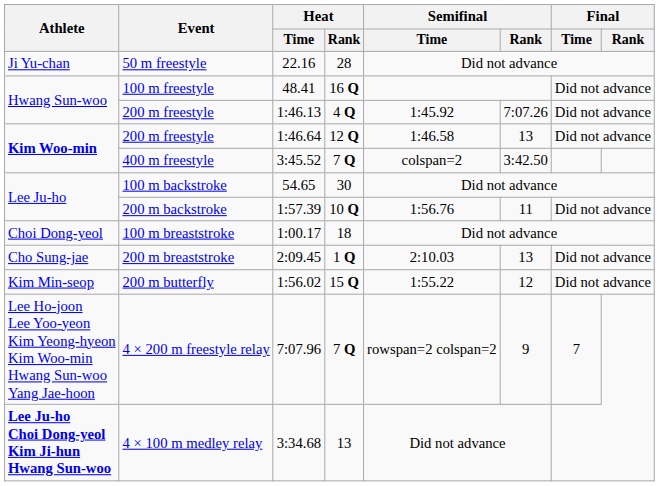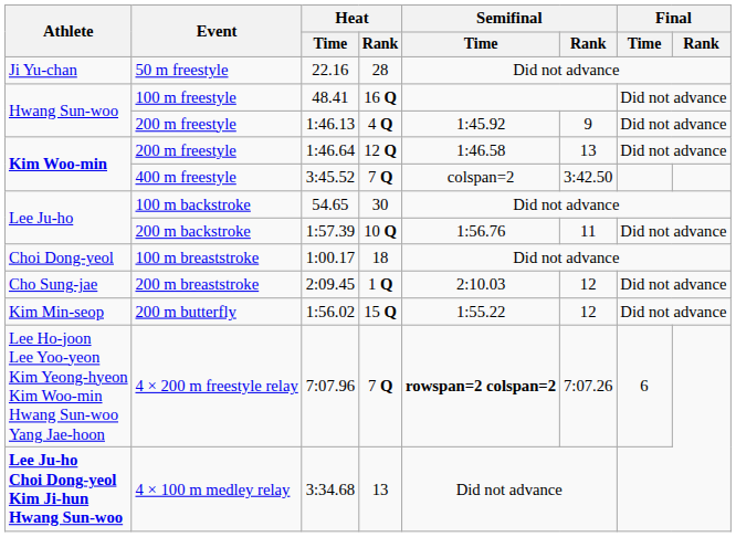 <table class=wikitable style="font-size:90%;">
 <tr>
 <th rowspan=2>Athlete</th>
 <th rowspan=2>Event</th>
 <th colspan=2>Heat</th>
 <th colspan=2>Semifinal</th>
 <th colspan=2>Final</th>
 </tr>
 <tr style="font-size:95%">
 <th>Time</th>
 <th>Rank</th>
 <th>Time</th>
 <th>Rank</th>
 <th>Time</th>
 <th>Rank</th>
 </tr>
 <tr align=center>
 <td align=left><a href='#'>Ji Yu-chan</a></td>
 <td align=left><a href='#'>50 m freestyle</a></td>
 <td>22.16</td>
 <td>28</td>
 <td colspan=4>Did not advance</td>
 </tr>
 <tr align=center>
 <td align=left rowspan=2><a href='#'>Hwang Sun-woo</a></td>
 <td align=left><a href='#'>100 m freestyle</a></td>
 <td>48.41</td>
 <td>16 <strong>Q</strong></td>
 <td colspan=2></td>
 <td colspan=2>Did not advance</td>
 </tr>
 <tr align=center>
 <td align=left><a href='#'>200 m freestyle</a></td>
 <td>1:46.13</td>
 <td>4 <strong>Q</strong></td>
 <td>1:45.92</td>
-<td>7:07.26</td>
+<td>9</td>
 <td colspan=2>Did not advance</td>
 </tr>
 <tr align=center>
 <td align=left rowspan=2><strong><a href='#'>Kim Woo-min</a></strong></td>
 <td align=left><a href='#'>200 m freestyle</a></td>
 <td>1:46.64</td>
 <td>12 <strong>Q</strong></td>
 <td>1:46.58</td>
 <td>13</td>
 <td colspan=2>Did not advance</td>
 </tr>
 <tr align=center>
 <td align=left><a href='#'>400 m freestyle</a></td>
 <td>3:45.52</td>
 <td>7 <strong>Q</strong></td>
 <td>colspan=2 </td>
 <td>3:42.50</td>
 <td></td>
 </tr>
 <tr align=center>
 <td align=left rowspan=2><a href='#'>Lee Ju-ho</a></td>
 <td align=left><a href='#'>100 m backstroke</a></td>
 <td>54.65</td>
 <td>30</td>
 <td colspan=4>Did not advance</td>
 </tr>
 <tr align=center>
 <td align=left><a href='#'>200 m backstroke</a></td>
 <td>1:57.39</td>
 <td>10 <strong>Q</strong></td>
 <td>1:56.76</td>
 <td>11</td>
 <td colspan=2>Did not advance</td>
 </tr>
 <tr align=center>
 <td align=left><a href='#'>Choi Dong-yeol</a></td>
 <td align=left><a href='#'>100 m breaststroke</a></td>
 <td>1:00.17</td>
 <td>18</td>
 <td colspan=4>Did not advance</td>
 </tr>
 <tr align=center>
 <td align=left><a href='#'>Cho Sung-jae</a></td>
 <td align=left><a href='#'>200 m breaststroke</a></td>
 <td>2:09.45</td>
 <td>1 <strong>Q</strong></td>
 <td>2:10.03</td>
-<td>13</td>
+<td>12</td>
 <td colspan=2>Did not advance</td>
 </tr>
 <tr align=center>
 <td align=left><a href='#'>Kim Min-seop</a></td>
 <td align=left><a href='#'>200 m butterfly</a></td>
 <td>1:56.02</td>
 <td>15 <strong>Q</strong></td>
 <td>1:55.22</td>
 <td>12</td>
 <td colspan=2>Did not advance</td>
 </tr>
 <tr align=center>
 <td align=left><a href='#'>Lee Ho-joon</a><br><a href='#'>Lee Yoo-yeon</a><br><a href='#'>Kim Yeong-hyeon</a><br><a href='#'>Kim Woo-min</a><br><a href='#'>Hwang Sun-woo</a><br><a href='#'>Yang Jae-hoon</a></td>
 <td align=left><a href='#'>4 × 200 m freestyle relay</a></td>
 <td>7:07.96</td>
 <td>7 <strong>Q</strong></td>
-<td>rowspan=2 colspan=2 </td>
-<td>9</td>
-<td>7</td>
+<td><strong>rowspan=2 colspan=2 </strong></td>
+<td>7:07.26</td>
+<td>6</td>
 </tr>
 <tr align=center>
 <td align=left><strong><a href='#'>Lee Ju-ho</a><br><a href='#'>Choi Dong-yeol</a><br><a href='#'>Kim Ji-hun</a><br><a href='#'>Hwang Sun-woo</a></strong></td>
 <td align=left><a href='#'>4 × 100 m medley relay</a></td>
 <td>3:34.68</td>
 <td>13</td>
 <td colspan=2>Did not advance</td>
 </tr>
 </table>
